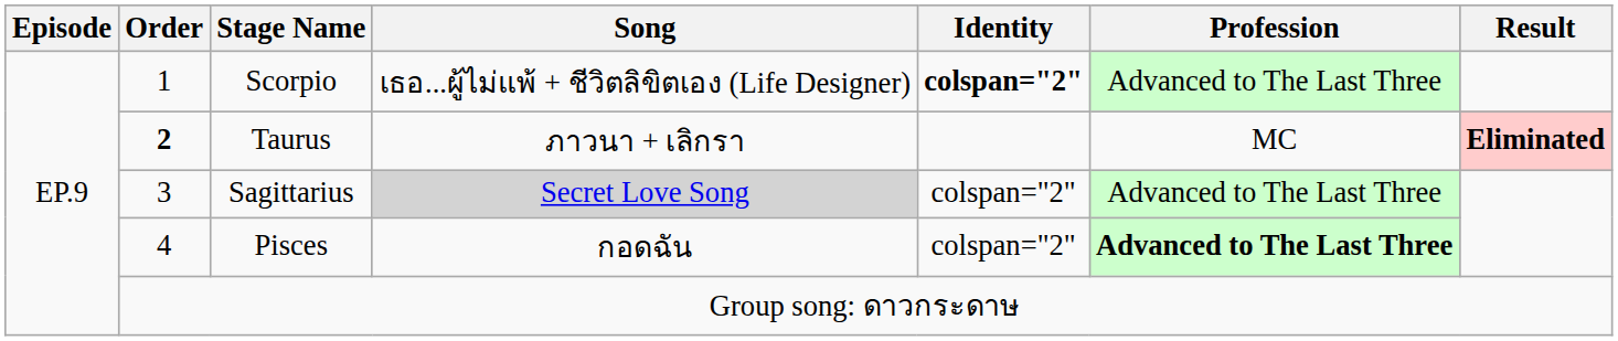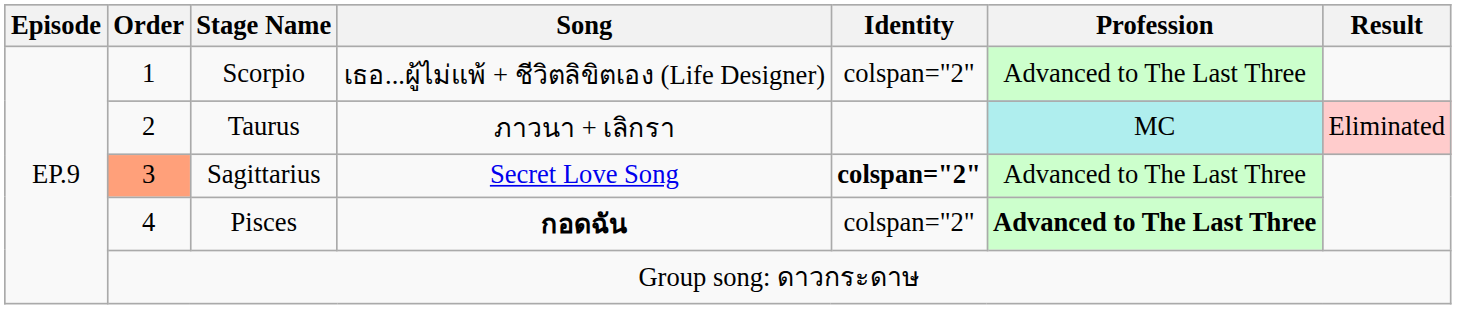 <table class="wikitable" style="text-align:center;">
 <tr>
 <th>Episode</th>
 <th>Order</th>
 <th>Stage Name</th>
 <th>Song</th>
 <th>Identity</th>
 <th>Profession</th>
 <th>Result</th>
 </tr>
 <tr>
 <td rowspan="5">EP.9</td>
 <td>1</td>
 <td>Scorpio</td>
 <td>เธอ...ผู้ไม่แพ้ + ชีวิตลิขิตเอง (Life Designer)</td>
-<td><strong>colspan="2"  </strong></td>
+<td>colspan="2"  </td>
 <td style="text-align:center; background:#ccffcc;">Advanced to The Last Three</td>
 </tr>
 <tr>
-<td><strong>2</strong></td>
+<td>2</td>
 <td>Taurus</td>
 <td>ภาวนา + เลิกรา</td>
 <td style="text-align:center;"></td>
-<td style="text-align:center;">MC</td>
-<td style="text-align:center; background:#ffcccc;"><strong>Eliminated</strong></td>
+<td style="background: paleturquoise; text-align:center;">MC</td>
+<td style="text-align:center; background:#ffcccc;">Eliminated</td>
 </tr>
 <tr>
-<td>3</td>
+<td style="background: lightsalmon;">3</td>
 <td>Sagittarius</td>
-<td style="background: lightgrey;"><a href='#'>Secret Love Song</a></td>
-<td>colspan="2"  </td>
+<td><a href='#'>Secret Love Song</a></td>
+<td><strong>colspan="2"  </strong></td>
 <td style="text-align:center; background:#ccffcc;">Advanced to The Last Three</td>
 </tr>
 <tr>
 <td>4</td>
 <td>Pisces</td>
-<td>กอดฉัน</td>
+<td><strong>กอดฉัน</strong></td>
 <td>colspan="2"  </td>
 <td style="text-align:center; background:#ccffcc;"><strong>Advanced to The Last Three</strong></td>
 </tr>
 <tr>
 <td colspan="6">Group song: ดาวกระดาษ</td>
 </tr>
 </table>
